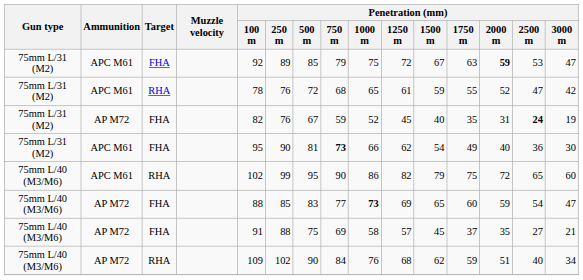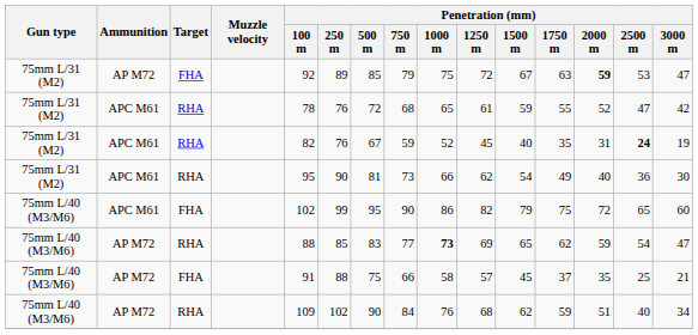 <table class="wikitable" style="text-align:right; width: 100%">
 <tr>
 <th rowspan=2>Gun type</th>
 <th rowspan=2>Ammunition</th>
 <th rowspan="2">Target</th>
 <th rowspan="2">Muzzle velocity</th>
 <th colspan=11>Penetration (mm)</th>
 </tr>
 <tr>
 <th>100 m</th>
 <th>250 m</th>
 <th>500 m</th>
 <th>750 m</th>
 <th>1000 m</th>
 <th>1250 m</th>
 <th>1500 m</th>
 <th>1750 m</th>
 <th>2000 m</th>
 <th>2500 m</th>
 <th>3000 m</th>
 </tr>
 <tr>
 <td style="text-align:center">75mm L/31 (M2)</td>
-<td style="text-align:center">APC M61</td>
+<td style="text-align:center">AP M72</td>
 <td style="text-align:center"><a href='#'>FHA</a></td>
 <td style="text-align:center"></td>
 <td>92</td>
 <td>89</td>
 <td>85</td>
 <td>79</td>
 <td>75</td>
 <td>72</td>
 <td>67</td>
 <td>63</td>
 <td><strong>59</strong></td>
 <td>53</td>
 <td>47</td>
 </tr>
 <tr>
 <td style="text-align:center">75mm L/31 (M2)</td>
 <td style="text-align:center">APC M61</td>
 <td style="text-align:center"><a href='#'>RHA</a></td>
 <td style="text-align:center"></td>
 <td>78</td>
 <td>76</td>
 <td>72</td>
 <td>68</td>
 <td>65</td>
 <td>61</td>
 <td>59</td>
 <td>55</td>
 <td>52</td>
 <td>47</td>
 <td>42</td>
 </tr>
 <tr>
 <td style="text-align:center">75mm L/31 (M2)</td>
-<td style="text-align:center">AP M72</td>
-<td style="text-align:center">FHA</td>
+<td style="text-align:center">APC M61</td>
+<td style="text-align:center"><a href='#'>RHA</a></td>
 <td style="text-align:center"></td>
 <td>82</td>
 <td>76</td>
 <td>67</td>
 <td>59</td>
 <td>52</td>
 <td>45</td>
 <td>40</td>
 <td>35</td>
 <td>31</td>
 <td><strong>24</strong></td>
 <td>19</td>
 </tr>
 <tr>
 <td style="text-align:center">75mm L/31 (M2)</td>
 <td style="text-align:center">APC M61</td>
-<td style="text-align:center">FHA</td>
+<td style="text-align:center">RHA</td>
 <td style="text-align:center"></td>
 <td>95</td>
 <td>90</td>
 <td>81</td>
-<td><strong>73</strong></td>
+<td>73</td>
 <td>66</td>
 <td>62</td>
 <td>54</td>
 <td>49</td>
 <td>40</td>
 <td>36</td>
 <td>30</td>
 </tr>
 <tr>
 <td style="text-align:center">75mm L/40 (M3/M6)</td>
 <td style="text-align:center">APC M61</td>
-<td style="text-align:center">RHA</td>
+<td style="text-align:center">FHA</td>
 <td style="text-align:center"></td>
 <td>102</td>
 <td>99</td>
 <td>95</td>
 <td>90</td>
 <td>86</td>
 <td>82</td>
 <td>79</td>
 <td>75</td>
 <td>72</td>
 <td>65</td>
 <td>60</td>
 </tr>
 <tr>
 <td style="text-align:center">75mm L/40 (M3/M6)</td>
 <td style="text-align:center">AP M72</td>
-<td style="text-align:center">FHA</td>
+<td style="text-align:center">RHA</td>
 <td style="text-align:center"></td>
 <td>88</td>
 <td>85</td>
 <td>83</td>
 <td>77</td>
 <td><strong>73</strong></td>
 <td>69</td>
 <td>65</td>
-<td>60</td>
+<td>62</td>
 <td>59</td>
 <td>54</td>
 <td>47</td>
 </tr>
 <tr>
 <td style="text-align:center">75mm L/40 (M3/M6)</td>
 <td style="text-align:center">AP M72</td>
 <td style="text-align:center">FHA</td>
 <td style="text-align:center"></td>
 <td>91</td>
 <td>88</td>
 <td>75</td>
-<td>69</td>
+<td>66</td>
 <td>58</td>
 <td>57</td>
 <td>45</td>
 <td>37</td>
 <td>35</td>
-<td>27</td>
+<td>25</td>
 <td>21</td>
 </tr>
 <tr>
 <td style="text-align:center">75mm L/40 (M3/M6)</td>
 <td style="text-align:center">AP M72</td>
 <td style="text-align:center">RHA</td>
 <td style="text-align:center"></td>
 <td>109</td>
 <td>102</td>
 <td>90</td>
 <td>84</td>
 <td>76</td>
 <td>68</td>
 <td>62</td>
 <td>59</td>
 <td>51</td>
 <td>40</td>
 <td>34</td>
 </tr>
 <tr>
 </tr>
 </table>
